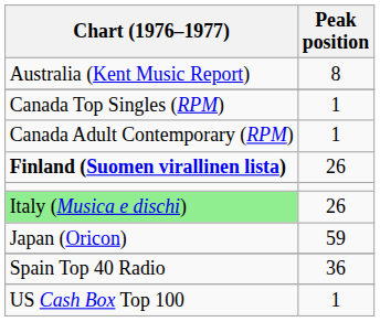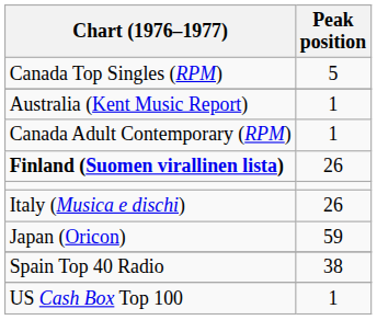 <table class="wikitable sortable">
 <tr>
 <th>Chart (1976–1977)</th>
 <th>Peak<br>position</th>
 </tr>
 <tr>
-<td>Australia (<a href='#'>Kent Music Report</a>)</td>
-<td style="text-align:center;">8</td>
+<td>Canada Top Singles (<em><a href='#'>RPM</a></em>)</td>
+<td style="text-align:center;">5</td>
 </tr>
 <tr>
 </tr>
 <tr>
-<td>Canada Top Singles (<em><a href='#'>RPM</a></em>)</td>
+<td>Australia (<a href='#'>Kent Music Report</a>)</td>
 <td style="text-align:center;">1</td>
 </tr>
 <tr>
 <td>Canada Adult Contemporary (<em><a href='#'>RPM</a></em>)</td>
 <td style="text-align:center;">1</td>
 </tr>
 <tr>
 <td><strong>Finland (<a href='#'>Suomen virallinen lista</a>)</strong></td>
 <td style="text-align:center;">26</td>
 </tr>
 <tr>
 <td></td>
 </tr>
 <tr>
-<td style="background: lightgreen;">Italy (<em><a href='#'>Musica e dischi</a></em>)</td>
+<td>Italy (<em><a href='#'>Musica e dischi</a></em>)</td>
 <td style="text-align:center;">26</td>
 </tr>
 <tr>
 <td>Japan (<a href='#'>Oricon</a>)</td>
 <td style="text-align:center;">59</td>
 </tr>
 <tr>
 </tr>
 <tr>
 </tr>
 <tr>
 <td>Spain Top 40 Radio</td>
-<td style="text-align:center;">36</td>
+<td style="text-align:center;">38</td>
 </tr>
 <tr>
 </tr>
 <tr>
 </tr>
 <tr>
 </tr>
 <tr>
 <td>US <em><a href='#'>Cash Box</a></em> Top 100</td>
 <td style="text-align:center;">1</td>
 </tr>
 </table>
